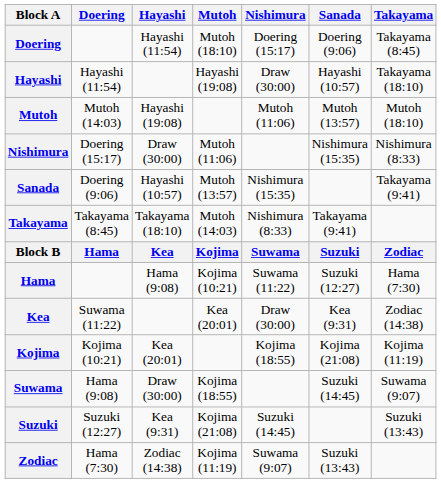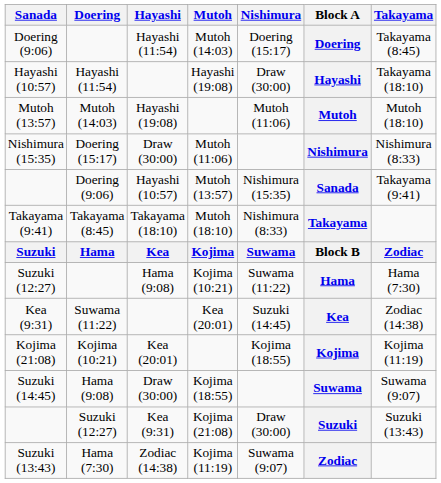 <table class="wikitable" style="margin: 1em auto 1em auto; text-align:center;">
 <tr>
-<th>Block A</th>
+<th><a href='#'>Sanada</a></th>
 <th><a href='#'>Doering</a></th>
 <th><a href='#'>Hayashi</a></th>
 <th><a href='#'>Mutoh</a></th>
 <th><a href='#'>Nishimura</a></th>
-<th><a href='#'>Sanada</a></th>
+<th>Block A</th>
 <th><a href='#'>Takayama</a></th>
 </tr>
 <tr>
-<th><a href='#'>Doering</a></th>
+<td>Doering<br>(9:06)</td>
 <td></td>
 <td>Hayashi<br>(11:54)</td>
-<td>Mutoh<br>(18:10)</td>
+<td>Mutoh<br>(14:03)</td>
 <td>Doering<br>(15:17)</td>
-<td>Doering<br>(9:06)</td>
+<th><a href='#'>Doering</a></th>
 <td>Takayama<br>(8:45)</td>
 </tr>
 <tr>
-<th><a href='#'>Hayashi</a></th>
+<td>Hayashi<br>(10:57)</td>
 <td>Hayashi<br>(11:54)</td>
 <td></td>
 <td>Hayashi<br>(19:08)</td>
 <td>Draw<br>(30:00)</td>
-<td>Hayashi<br>(10:57)</td>
+<th><a href='#'>Hayashi</a></th>
 <td>Takayama<br>(18:10)</td>
 </tr>
 <tr>
-<th><a href='#'>Mutoh</a></th>
+<td>Mutoh<br>(13:57)</td>
 <td>Mutoh<br>(14:03)</td>
 <td>Hayashi<br>(19:08)</td>
 <td></td>
 <td>Mutoh<br>(11:06)</td>
-<td>Mutoh<br>(13:57)</td>
+<th><a href='#'>Mutoh</a></th>
 <td>Mutoh<br>(18:10)</td>
 </tr>
 <tr>
-<th><a href='#'>Nishimura</a></th>
+<td>Nishimura<br>(15:35)</td>
 <td>Doering<br>(15:17)</td>
 <td>Draw<br>(30:00)</td>
 <td>Mutoh<br>(11:06)</td>
 <td></td>
-<td>Nishimura<br>(15:35)</td>
+<th><a href='#'>Nishimura</a></th>
 <td>Nishimura<br>(8:33)</td>
 </tr>
 <tr>
-<th><a href='#'>Sanada</a></th>
+<td></td>
 <td>Doering<br>(9:06)</td>
 <td>Hayashi<br>(10:57)</td>
 <td>Mutoh<br>(13:57)</td>
 <td>Nishimura<br>(15:35)</td>
-<td></td>
+<th><a href='#'>Sanada</a></th>
 <td>Takayama<br>(9:41)</td>
 </tr>
 <tr>
-<th><a href='#'>Takayama</a></th>
+<td>Takayama<br>(9:41)</td>
 <td>Takayama<br>(8:45)</td>
 <td>Takayama<br>(18:10)</td>
-<td>Mutoh<br>(14:03)</td>
+<td>Mutoh<br>(18:10)</td>
 <td>Nishimura<br>(8:33)</td>
-<td>Takayama<br>(9:41)</td>
+<th><a href='#'>Takayama</a></th>
 <td></td>
 </tr>
 <tr>
-<th>Block B</th>
+<th><a href='#'>Suzuki</a></th>
 <th><a href='#'>Hama</a></th>
 <th><a href='#'>Kea</a></th>
 <th><a href='#'>Kojima</a></th>
 <th><a href='#'>Suwama</a></th>
-<th><a href='#'>Suzuki</a></th>
+<th>Block B</th>
 <th><a href='#'>Zodiac</a></th>
 </tr>
 <tr>
-<th><a href='#'>Hama</a></th>
+<td>Suzuki<br>(12:27)</td>
 <td></td>
 <td>Hama<br>(9:08)</td>
 <td>Kojima<br>(10:21)</td>
 <td>Suwama<br>(11:22)</td>
-<td>Suzuki<br>(12:27)</td>
+<th><a href='#'>Hama</a></th>
 <td>Hama<br>(7:30)</td>
 </tr>
 <tr>
-<th><a href='#'>Kea</a></th>
+<td>Kea<br>(9:31)</td>
 <td>Suwama<br>(11:22)</td>
 <td></td>
 <td>Kea<br>(20:01)</td>
-<td>Draw<br>(30:00)</td>
-<td>Kea<br>(9:31)</td>
+<td>Suzuki<br>(14:45)</td>
+<th><a href='#'>Kea</a></th>
 <td>Zodiac<br>(14:38)</td>
 </tr>
 <tr>
-<th><a href='#'>Kojima</a></th>
+<td>Kojima<br>(21:08)</td>
 <td>Kojima<br>(10:21)</td>
 <td>Kea<br>(20:01)</td>
 <td></td>
 <td>Kojima<br>(18:55)</td>
-<td>Kojima<br>(21:08)</td>
+<th><a href='#'>Kojima</a></th>
 <td>Kojima<br>(11:19)</td>
 </tr>
 <tr>
-<th><a href='#'>Suwama</a></th>
+<td>Suzuki<br>(14:45)</td>
 <td>Hama<br>(9:08)</td>
 <td>Draw<br>(30:00)</td>
 <td>Kojima<br>(18:55)</td>
 <td></td>
-<td>Suzuki<br>(14:45)</td>
+<th><a href='#'>Suwama</a></th>
 <td>Suwama<br>(9:07)</td>
 </tr>
 <tr>
-<th><a href='#'>Suzuki</a></th>
+<td></td>
 <td>Suzuki<br>(12:27)</td>
 <td>Kea<br>(9:31)</td>
 <td>Kojima<br>(21:08)</td>
-<td>Suzuki<br>(14:45)</td>
-<td></td>
+<td>Draw<br>(30:00)</td>
+<th><a href='#'>Suzuki</a></th>
 <td>Suzuki<br>(13:43)</td>
 </tr>
 <tr>
-<th><a href='#'>Zodiac</a></th>
+<td>Suzuki<br>(13:43)</td>
 <td>Hama<br>(7:30)</td>
 <td>Zodiac<br>(14:38)</td>
 <td>Kojima<br>(11:19)</td>
 <td>Suwama<br>(9:07)</td>
-<td>Suzuki<br>(13:43)</td>
+<th><a href='#'>Zodiac</a></th>
 <td></td>
 </tr>
 </table>
